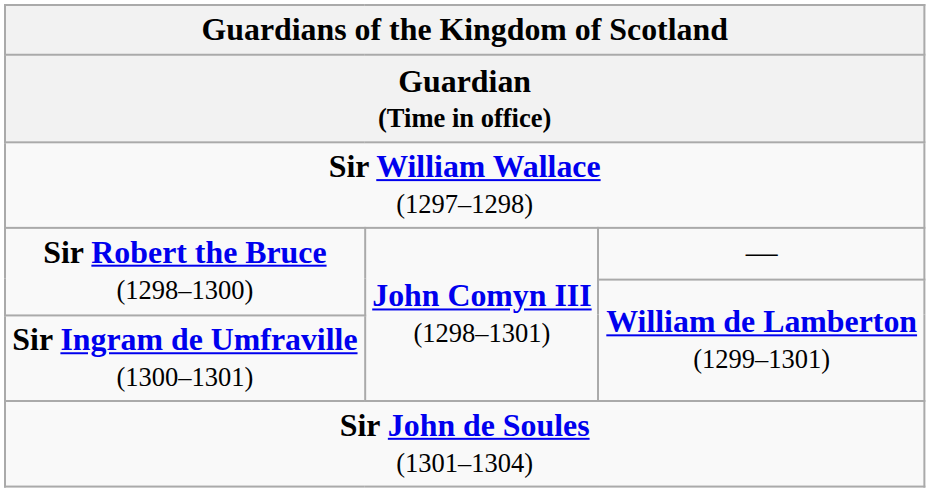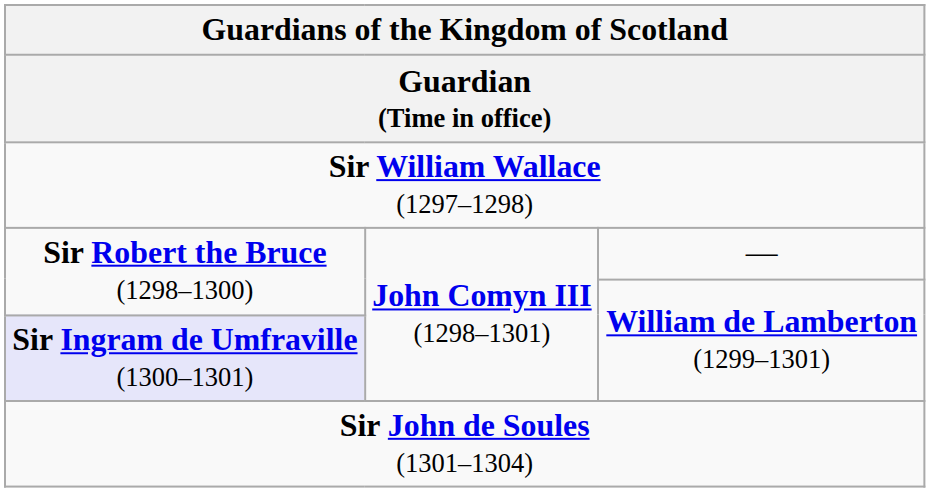 <table class="wikitable" style="text-align:center">
 <tr>
 <th colspan=3>Guardians of the Kingdom of Scotland</th>
 </tr>
 <tr>
 <th colspan=3>Guardian<br><small>(Time in office)</small></th>
 </tr>
 <tr>
 <td colspan=3><strong>Sir <a href='#'>William Wallace</a> </strong><br><small>(1297–1298)</small></td>
 </tr>
 <tr>
 <td rowspan=2><strong>Sir <a href='#'>Robert the Bruce</a></strong><br><small>(1298–1300)</small></td>
 <td rowspan=3><strong><a href='#'>John Comyn III</a></strong><br><small>(1298–1301)</small></td>
 <td>—</td>
 </tr>
 <tr>
 <td rowspan=2><strong><a href='#'>William de Lamberton</a></strong><br><small>(1299–1301)</small></td>
 </tr>
 <tr>
-<td><strong>Sir <a href='#'>Ingram de Umfraville</a></strong><br><small>(1300–1301)</small></td>
+<td style="background: lavender;"><strong>Sir <a href='#'>Ingram de Umfraville</a></strong><br><small>(1300–1301)</small></td>
 </tr>
 <tr>
 <td colspan=3><strong>Sir <a href='#'>John de Soules</a></strong><br><small>(1301–1304)</small></td>
 </tr>
 </table>
